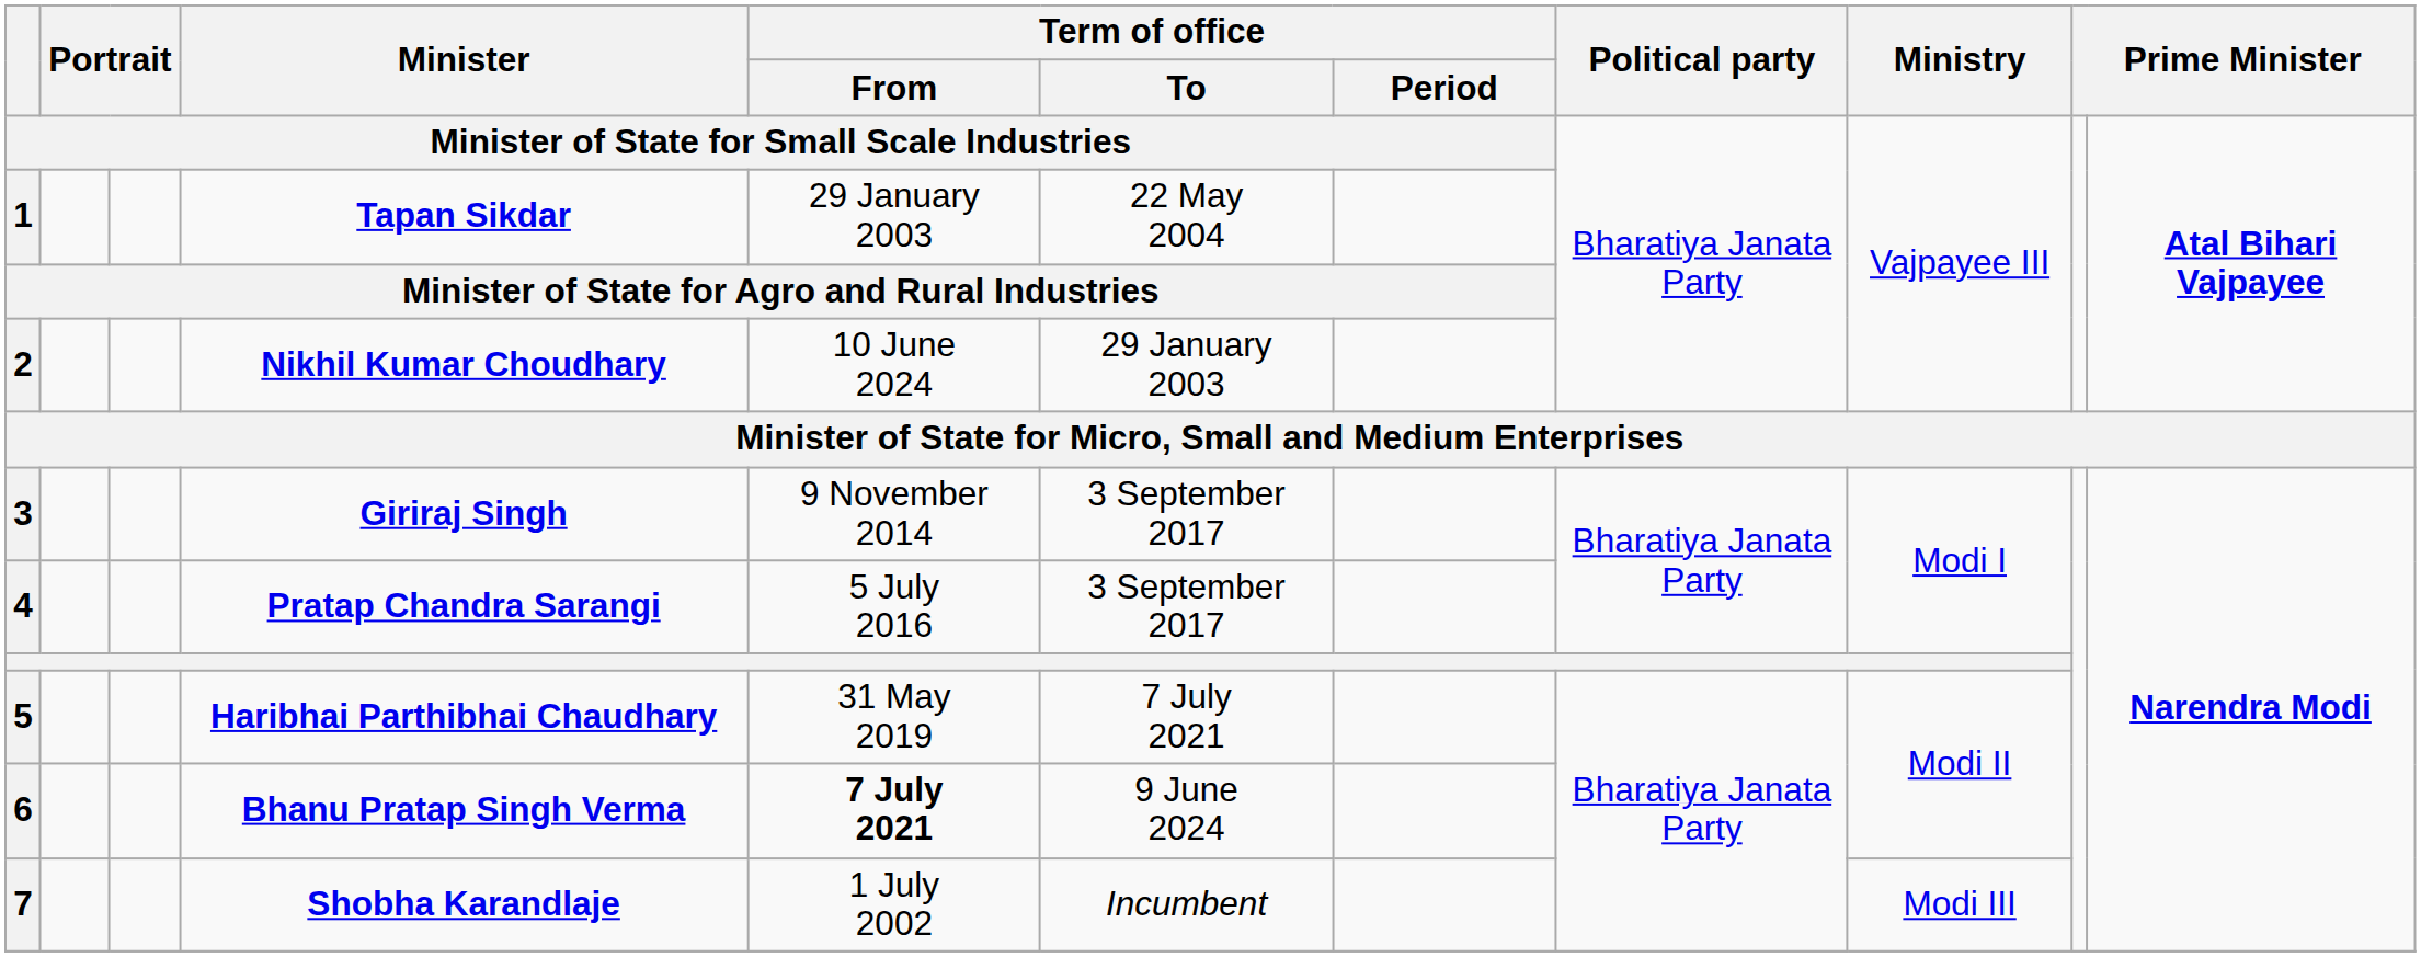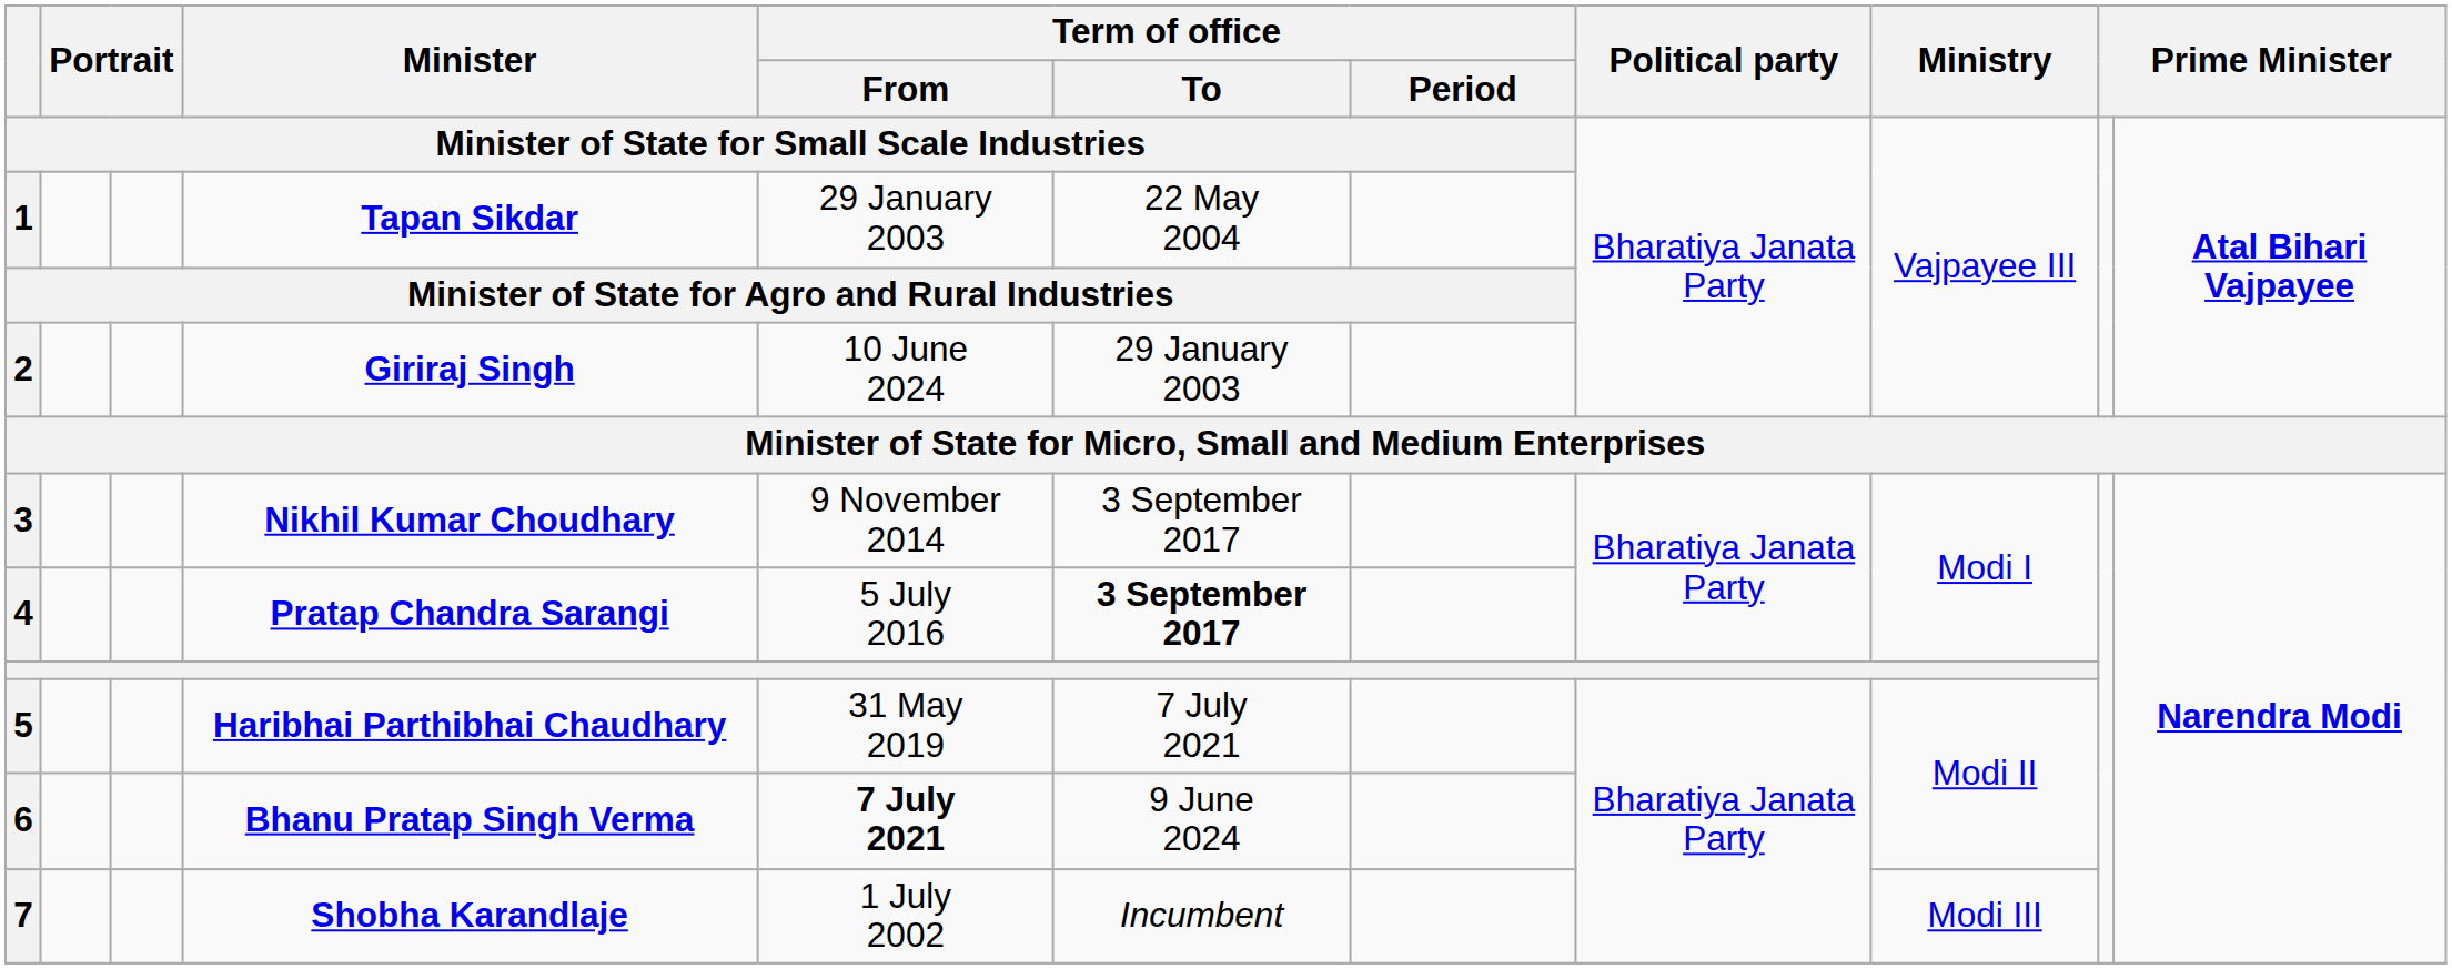 <table class="wikitable" style="text-align:center">
 <tr>
 <th rowspan="2"></th>
 <th rowspan="2" colspan="2">Portrait</th>
 <th rowspan="2" style="width:16em">Minister<br></th>
 <th colspan="3">Term of office</th>
 <th rowspan="2" style="width:8em">Political party</th>
 <th rowspan="2" style="width:6em">Ministry</th>
 <th rowspan="2" colspan="2">Prime Minister</th>
 </tr>
 <tr>
 <th style="width:8em">From</th>
 <th style="width:8em">To</th>
 <th style="width:6em">Period</th>
 </tr>
 <tr>
 <th colspan="7">Minister of State for Small Scale Industries</th>
 <td rowspan="4"><a href='#'>Bharatiya Janata Party</a></td>
 <td rowspan="4"><a href='#'>Vajpayee III</a></td>
 <td rowspan="4"></td>
 <td rowspan="4" style="width:9em"><strong><a href='#'>Atal Bihari Vajpayee</a></strong></td>
 </tr>
 <tr>
 <th>1</th>
 <td></td>
 <td></td>
 <td><strong><a href='#'>Tapan Sikdar</a></strong><br></td>
 <td>29 January<br>2003</td>
 <td>22 May<br>2004</td>
 <td><strong></strong></td>
 </tr>
 <tr>
 <th colspan="7">Minister of State for Agro and Rural Industries</th>
 </tr>
 <tr>
 <th>2</th>
 <td></td>
 <td></td>
-<td><strong><a href='#'>Nikhil Kumar Choudhary</a></strong><br></td>
+<td><strong><a href='#'>Giriraj Singh</a></strong><br></td>
 <td>10 June<br>2024</td>
 <td>29 January<br>2003</td>
 <td><strong></strong></td>
 </tr>
 <tr>
 <th colspan="11">Minister of State for Micro, Small and Medium Enterprises</th>
 </tr>
 <tr>
 <th>3</th>
 <td></td>
 <td></td>
-<td><strong><a href='#'>Giriraj Singh</a></strong><br></td>
+<td><strong><a href='#'>Nikhil Kumar Choudhary</a></strong><br></td>
 <td>9 November<br>2014</td>
 <td>3 September<br>2017</td>
 <td><strong></strong></td>
 <td rowspan="2"><a href='#'>Bharatiya Janata Party</a></td>
 <td rowspan="2"><a href='#'>Modi I</a></td>
 <td rowspan="6"></td>
 <td rowspan="6"><strong><a href='#'>Narendra Modi</a></strong></td>
 </tr>
 <tr>
 <th>4</th>
 <td></td>
 <td></td>
 <td><strong><a href='#'>Pratap Chandra Sarangi</a></strong><br></td>
 <td>5 July<br>2016</td>
-<td>3 September<br>2017</td>
+<td><strong>3 September<br>2017</strong></td>
 <td><strong></strong></td>
 </tr>
 <tr>
 <th colspan="9"></th>
 </tr>
 <tr>
 <th>5</th>
 <td></td>
 <td></td>
 <td><strong><a href='#'>Haribhai Parthibhai Chaudhary</a></strong><br></td>
 <td>31 May<br>2019</td>
 <td>7 July<br>2021</td>
 <td><strong></strong></td>
 <td rowspan="3"><a href='#'>Bharatiya Janata Party</a></td>
 <td rowspan="2"><a href='#'>Modi II</a></td>
 </tr>
 <tr>
 <th>6</th>
 <td></td>
 <td></td>
 <td><strong><a href='#'>Bhanu Pratap Singh Verma</a></strong><br></td>
 <td><strong>7 July<br>2021</strong></td>
 <td>9 June<br>2024</td>
 <td><strong></strong></td>
 </tr>
 <tr>
 <th>7</th>
 <td></td>
 <td></td>
 <td><strong><a href='#'>Shobha Karandlaje</a></strong><br></td>
 <td>1 July<br>2002</td>
 <td><em>Incumbent</em></td>
 <td><strong></strong></td>
 <td><a href='#'>Modi III</a></td>
 </tr>
 <tr>
 </tr>
 </table>
